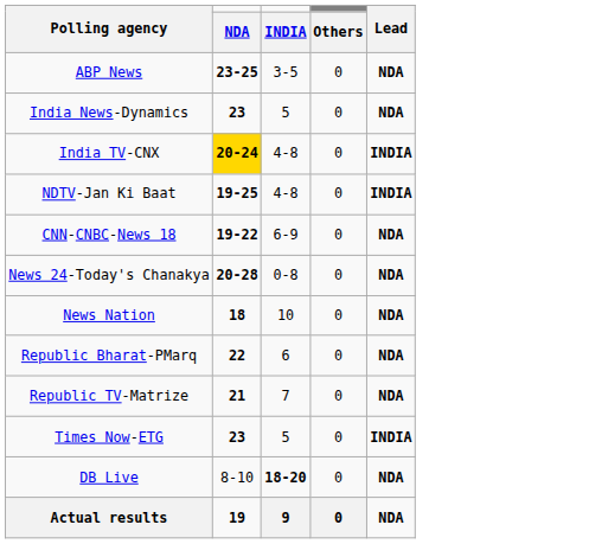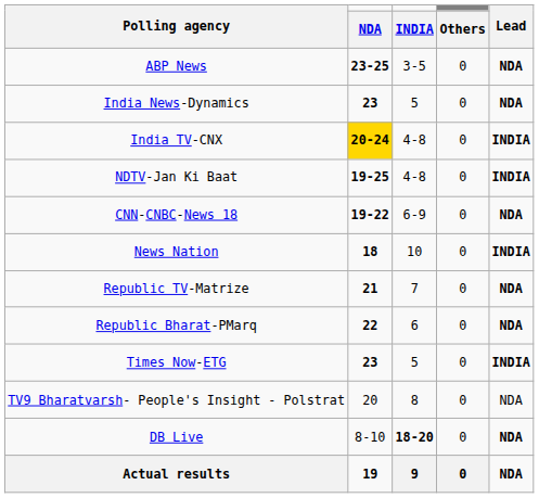 <table class="wikitable" style="text-align:center;font-size:95%;line-height:30px;">
 <tr>
 <th rowspan="2" class="wikitable">Polling agency</th>
 <td></td>
 <td></td>
 <td style="background:grey;"></td>
 <th rowspan="2">Lead</th>
 </tr>
 <tr>
 <th class="wikitable"><a href='#'>NDA</a></th>
 <th class="wikitable"><a href='#'>INDIA</a></th>
 <th class="wikitable">Others</th>
 </tr>
 <tr>
 <td><a href='#'>ABP News</a></td>
 <td style="color:black;"><strong>23-25</strong></td>
 <td>3-5</td>
 <td>0</td>
 <td style="color:black;"><strong>NDA</strong></td>
 </tr>
 <tr>
 <td><a href='#'>India News</a>-Dynamics</td>
 <td style="color:black;"><strong>23</strong></td>
 <td>5</td>
 <td>0</td>
 <td style="color:black;"><strong>NDA</strong></td>
 </tr>
 <tr>
 <td><a href='#'>India TV</a>-CNX</td>
 <td style="background: gold; color:black;"><strong>20-24</strong></td>
 <td>4-8</td>
 <td>0</td>
 <td style="color:black;"><strong>INDIA</strong></td>
 </tr>
 <tr>
 <td><a href='#'>NDTV</a>-Jan Ki Baat</td>
 <td style="color:black;"><strong>19-25</strong></td>
 <td>4-8</td>
 <td>0</td>
 <td style="color:black;"><strong>INDIA</strong></td>
 </tr>
 <tr>
 <td><a href='#'>CNN</a>-<a href='#'>CNBC</a>-<a href='#'>News 18</a></td>
 <td style="color:black;"><strong>19-22</strong></td>
 <td>6-9</td>
 <td>0</td>
 <td style="color:black;"><strong>NDA</strong></td>
 </tr>
 <tr>
-<td><a href='#'>News 24</a>-Today's Chanakya</td>
-<td style="color:black;"><strong>20-28</strong></td>
-<td>0-8</td>
-<td>0</td>
-<td style="color:black;"><strong>NDA</strong></td>
-</tr>
-<tr>
 <td><a href='#'>News Nation</a></td>
 <td style="color:black;"><strong>18</strong></td>
 <td>10</td>
+<td>0</td>
+<td style="color:black;"><strong>INDIA</strong></td>
+</tr>
+<tr>
+<td><a href='#'>Republic TV</a>-Matrize</td>
+<td style="color:black;"><strong>21</strong></td>
+<td>7</td>
 <td>0</td>
 <td style="color:black;"><strong>NDA</strong></td>
 </tr>
 <tr>
 <td><a href='#'>Republic Bharat</a>-PMarq</td>
 <td style="color:black;"><strong>22</strong></td>
 <td>6</td>
 <td>0</td>
 <td style="color:black;"><strong>NDA</strong></td>
 </tr>
 <tr>
-<td><a href='#'>Republic TV</a>-Matrize</td>
-<td style="color:black;"><strong>21</strong></td>
-<td>7</td>
-<td>0</td>
-<td style="color:black;"><strong>NDA</strong></td>
-</tr>
-<tr>
 <td><a href='#'>Times Now</a>-<a href='#'>ETG</a></td>
 <td style="color:black;"><strong>23</strong></td>
 <td>5</td>
 <td>0</td>
 <td style="color:black;"><strong>INDIA</strong></td>
+</tr>
+<tr>
+<td><a href='#'>TV9 Bharatvarsh</a>- People's Insight - Polstrat</td>
+<td>20</td>
+<td>8</td>
+<td>0</td>
+<td>NDA</td>
 </tr>
 <tr>
 <td><a href='#'>DB Live</a></td>
 <td>8-10</td>
 <td style="color:black;"><strong>18-20</strong></td>
 <td>0</td>
 <td style="color:black;"><strong>NDA</strong></td>
 </tr>
 <tr>
 <th>Actual results</th>
 <td><strong>19</strong></td>
 <th>9</th>
 <th>0</th>
 <td><strong>NDA</strong></td>
 </tr>
 </table>
